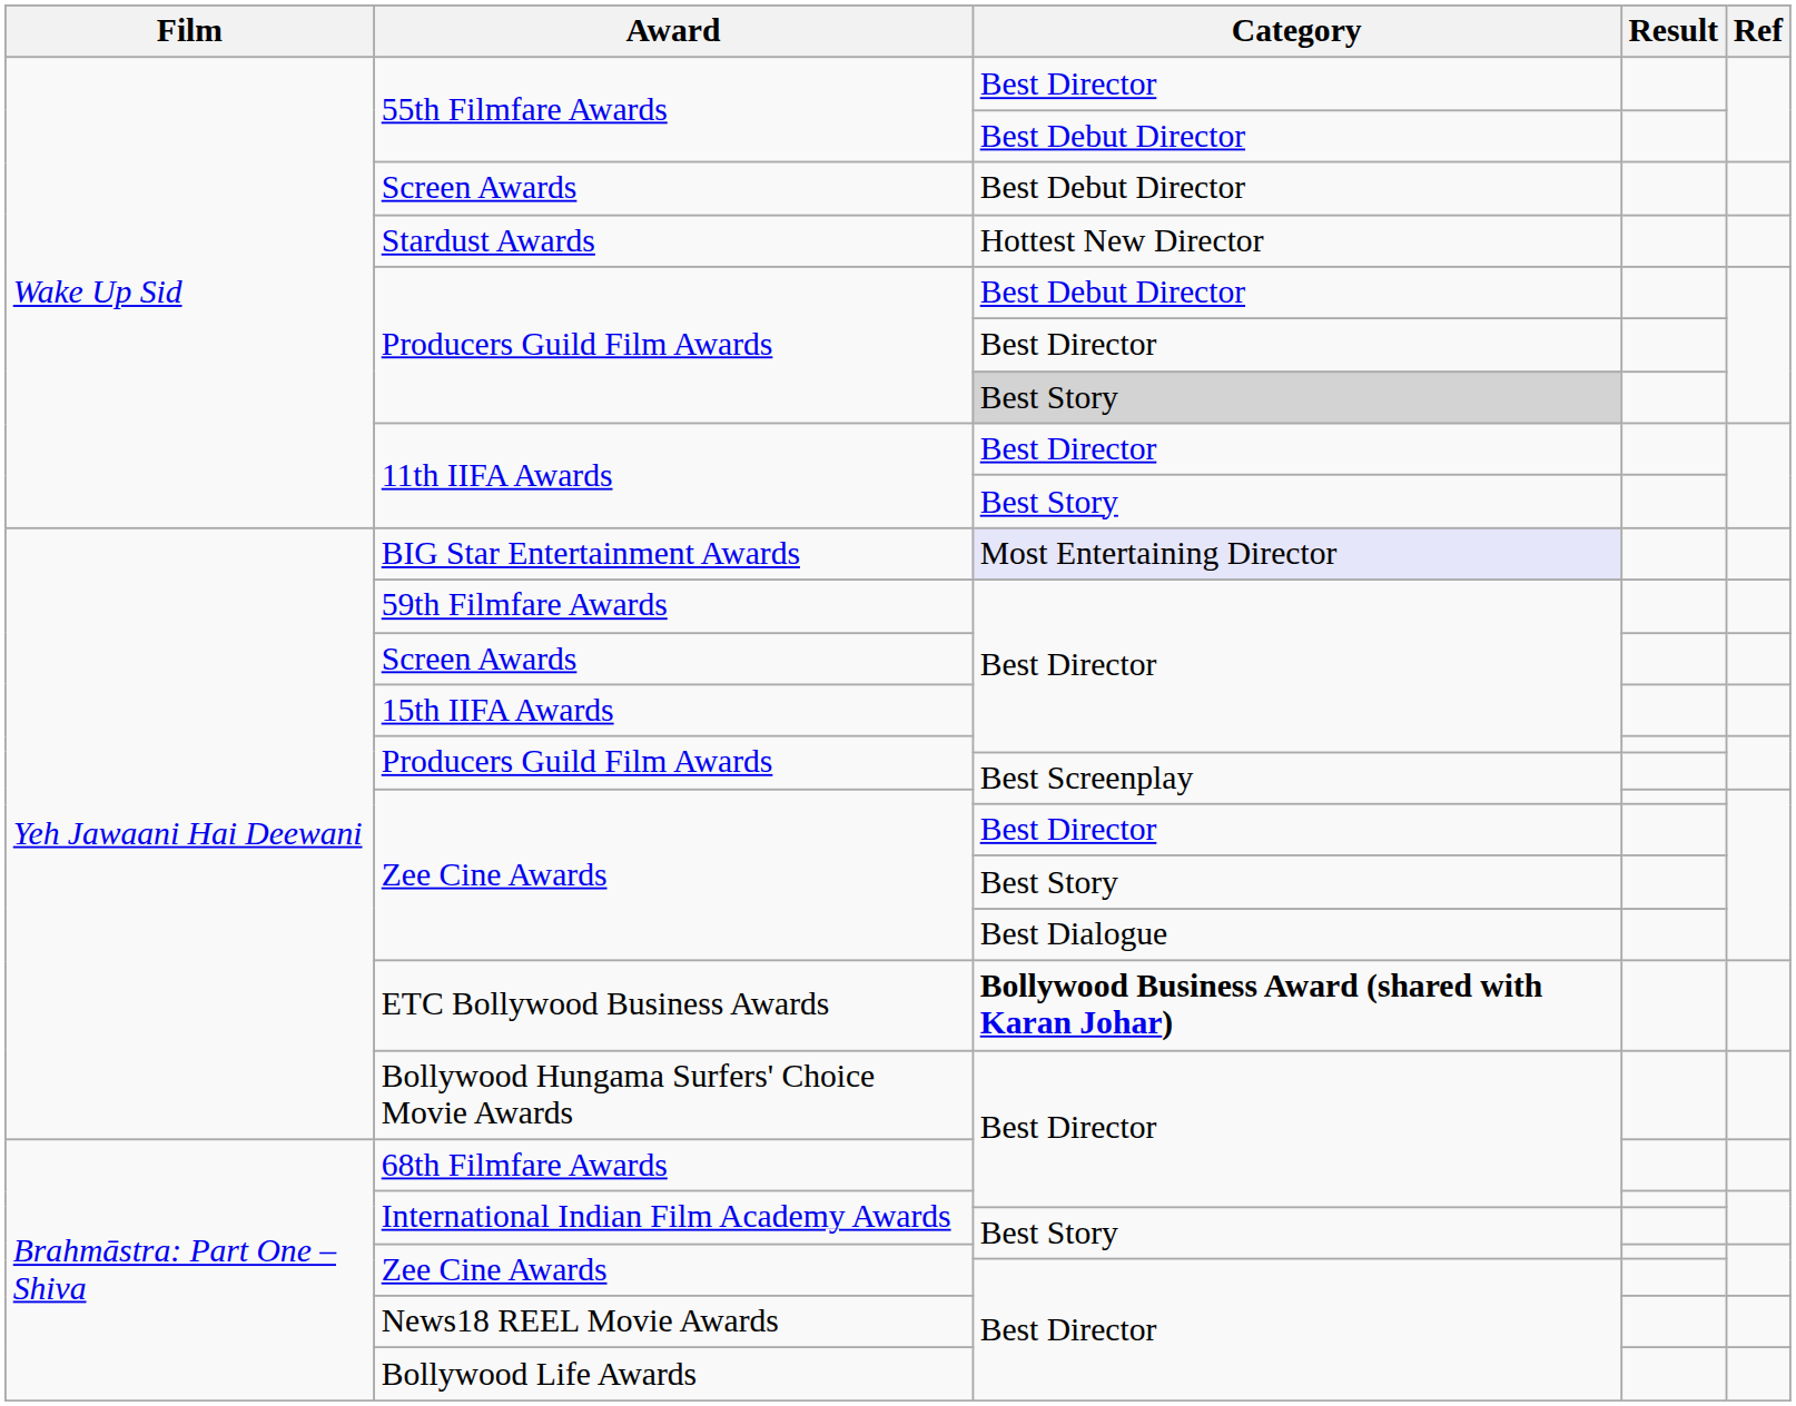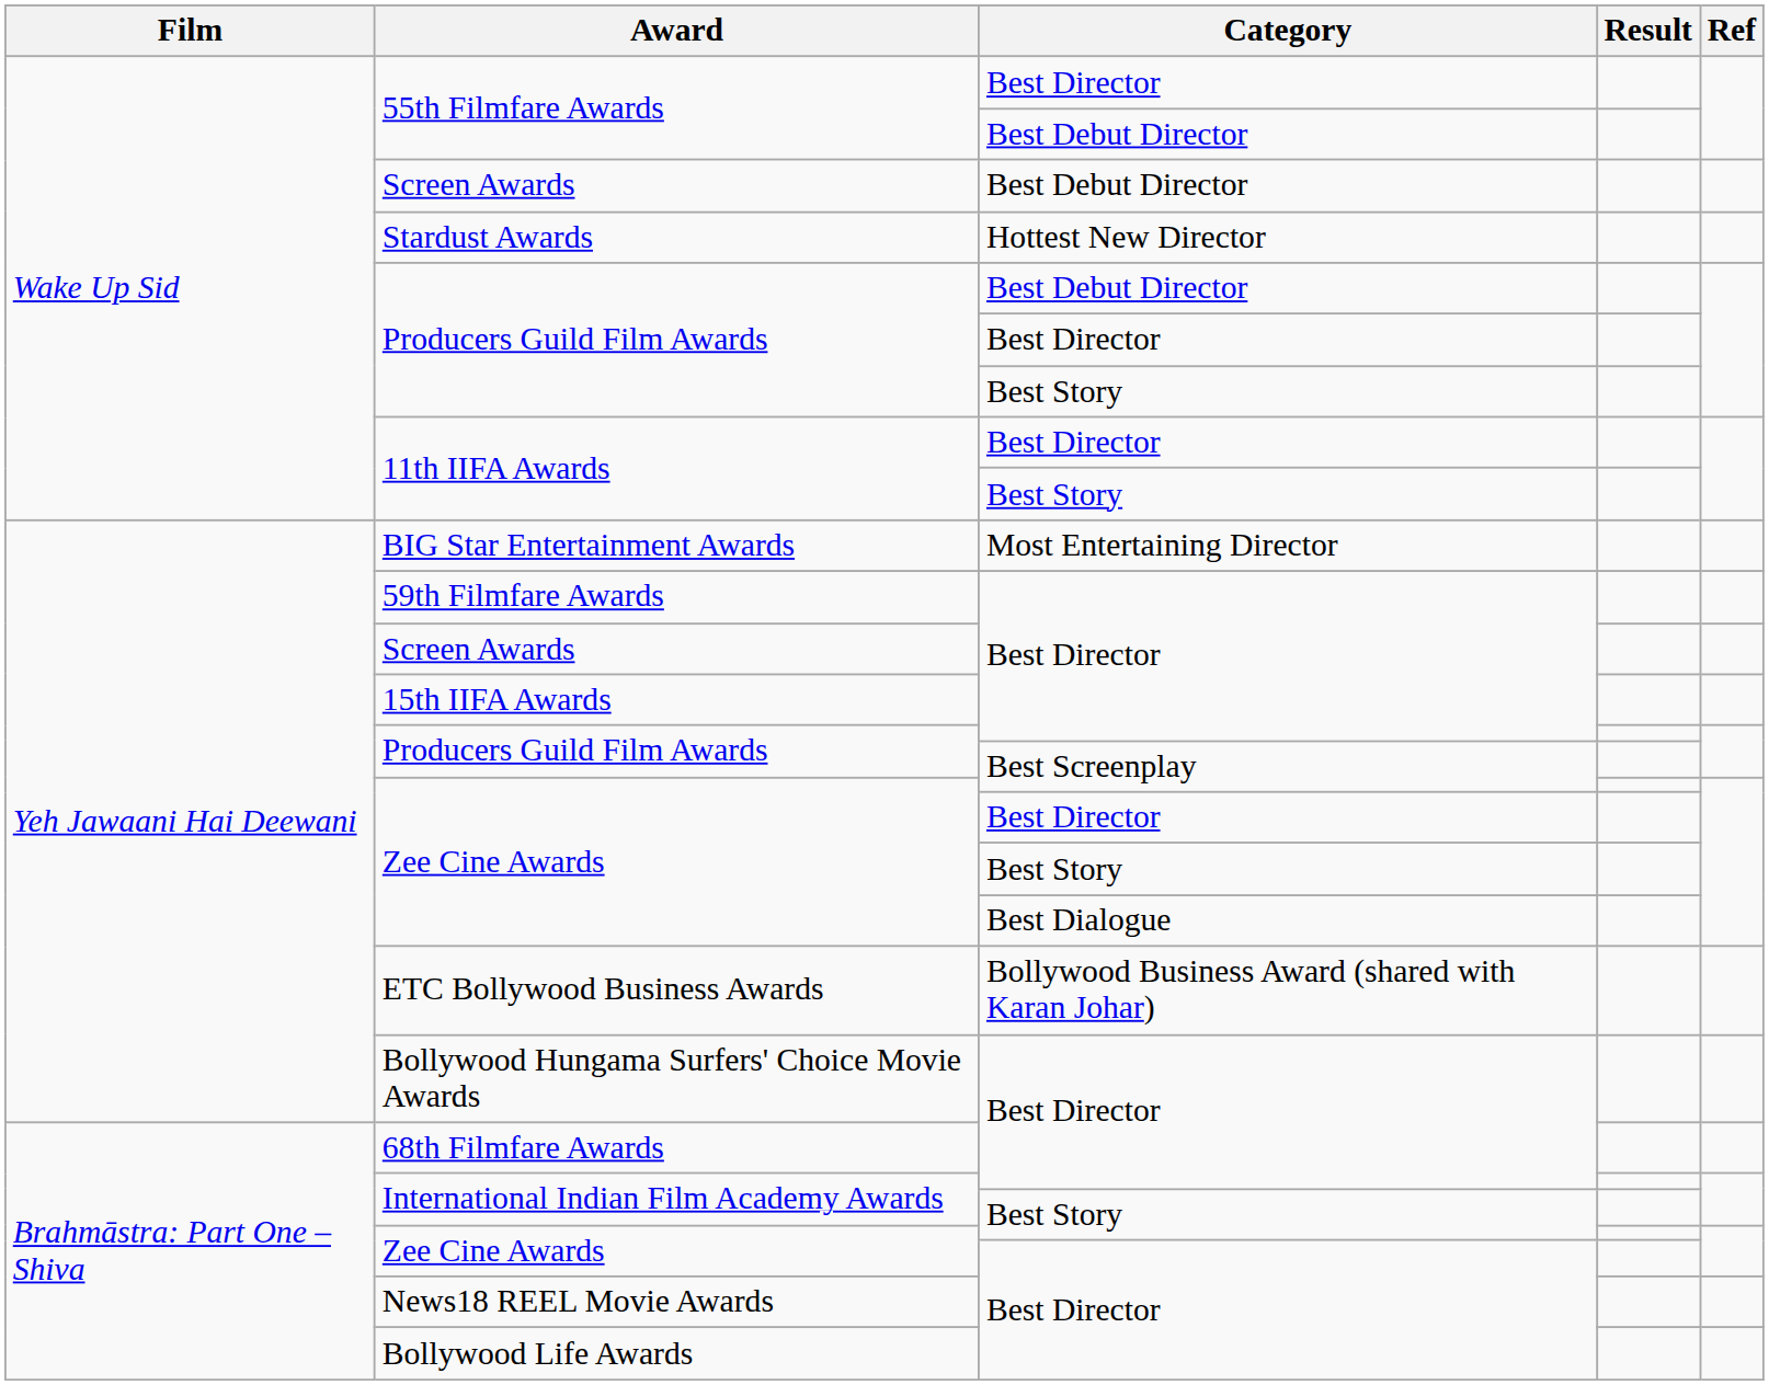 <table class="wikitable">
 <tr>
 <th>Film</th>
 <th>Award</th>
 <th>Category</th>
 <th>Result</th>
 <th>Ref</th>
 </tr>
 <tr>
 <td rowspan=9><em><a href='#'>Wake Up Sid</a></em></td>
 <td rowspan=2><a href='#'>55th Filmfare Awards</a></td>
 <td><a href='#'>Best Director</a></td>
 <td></td>
 <td rowspan=2></td>
 </tr>
 <tr>
 <td><a href='#'>Best Debut Director</a></td>
 <td></td>
 </tr>
 <tr>
 <td><a href='#'>Screen Awards</a></td>
 <td>Best Debut Director</td>
 <td></td>
 <td></td>
 </tr>
 <tr>
 <td><a href='#'>Stardust Awards</a></td>
 <td>Hottest New Director</td>
 <td></td>
 <td></td>
 </tr>
 <tr>
 <td rowspan=3><a href='#'>Producers Guild Film Awards</a></td>
 <td><a href='#'>Best Debut Director</a></td>
 <td></td>
 <td rowspan=3></td>
 </tr>
 <tr>
 <td>Best Director</td>
 <td></td>
 </tr>
 <tr>
-<td style="background: lightgrey;">Best Story</td>
+<td>Best Story</td>
 <td></td>
 </tr>
 <tr>
 <td rowspan=2><a href='#'>11th IIFA Awards</a></td>
 <td><a href='#'>Best Director</a></td>
 <td></td>
 <td rowspan=2></td>
 </tr>
 <tr>
 <td><a href='#'>Best Story</a></td>
 <td></td>
 </tr>
 <tr>
 <td rowspan="12"><em><a href='#'>Yeh Jawaani Hai Deewani</a></em></td>
 <td><a href='#'>BIG Star Entertainment Awards</a></td>
-<td style="background: lavender;">Most Entertaining Director</td>
+<td>Most Entertaining Director</td>
 <td></td>
 <td></td>
 </tr>
 <tr>
 <td><a href='#'>59th Filmfare Awards</a></td>
 <td rowspan="4">Best Director</td>
 <td></td>
 <td></td>
 </tr>
 <tr>
 <td><a href='#'>Screen Awards</a></td>
 <td></td>
 <td></td>
 </tr>
 <tr>
 <td><a href='#'>15th IIFA Awards</a></td>
 <td></td>
 <td></td>
 </tr>
 <tr>
 <td rowspan="2"><a href='#'>Producers Guild Film Awards</a></td>
 <td></td>
 <td rowspan="2"></td>
 </tr>
 <tr>
 <td rowspan="2">Best Screenplay</td>
 <td></td>
 </tr>
 <tr>
 <td rowspan=4><a href='#'>Zee Cine Awards</a></td>
 <td></td>
 <td rowspan=4></td>
 </tr>
 <tr>
 <td><a href='#'>Best Director</a></td>
 <td></td>
 </tr>
 <tr>
 <td>Best Story</td>
 <td></td>
 </tr>
 <tr>
 <td>Best Dialogue</td>
 <td></td>
 </tr>
 <tr>
 <td>ETC Bollywood Business Awards</td>
-<td><strong>Bollywood Business Award (shared with <a href='#'>Karan Johar</a>)</strong></td>
+<td>Bollywood Business Award (shared with <a href='#'>Karan Johar</a>)</td>
 <td></td>
 <td></td>
 </tr>
 <tr>
 <td>Bollywood Hungama Surfers' Choice Movie Awards</td>
 <td rowspan="3">Best Director</td>
 <td></td>
 <td></td>
 </tr>
 <tr>
 <td rowspan="7"><em><a href='#'>Brahmāstra: Part One – Shiva</a></em></td>
 <td><a href='#'>68th Filmfare Awards</a></td>
 <td></td>
 <td></td>
 </tr>
 <tr>
 <td rowspan="2"><a href='#'>International Indian Film Academy Awards</a></td>
 <td></td>
 <td rowspan="2"></td>
 </tr>
 <tr>
 <td rowspan="2">Best Story</td>
 <td></td>
 </tr>
 <tr>
 <td rowspan="2"><a href='#'>Zee Cine Awards</a></td>
 <td></td>
 <td rowspan="2"></td>
 </tr>
 <tr>
 <td rowspan="3">Best Director</td>
 <td></td>
 </tr>
 <tr>
 <td>News18 REEL Movie Awards</td>
 <td></td>
 <td></td>
 </tr>
 <tr>
 <td>Bollywood Life Awards</td>
 <td></td>
 <td></td>
 </tr>
 </table>
